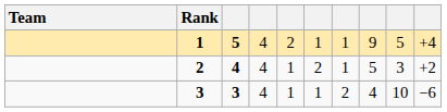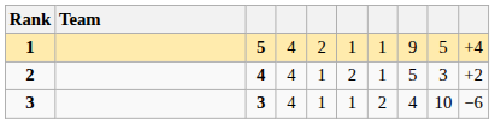 <table class="wikitable" style="text-align:center">
 <tr>
+<th width=30>Rank</th>
 <th width=165 style="text-align:left">Team</th>
-<th width=30>Rank</th>
 <th width=20></th>
 <th width=20></th>
 <th width=20></th>
 <th width=20></th>
 <th width=20></th>
 <th width=20></th>
 <th width=20></th>
 <th width=20></th>
 </tr>
 <tr bgcolor="#ffebad">
+<td><strong>1</strong></td>
 <td align="left"></td>
-<td><strong>1</strong></td>
 <td><strong>5</strong></td>
 <td>4</td>
 <td>2</td>
 <td>1</td>
 <td>1</td>
 <td>9</td>
 <td>5</td>
 <td>+4</td>
 </tr>
 <tr>
+<td><strong>2</strong></td>
 <td align="left"></td>
-<td><strong>2</strong></td>
 <td><strong>4</strong></td>
 <td>4</td>
 <td>1</td>
 <td>2</td>
 <td>1</td>
 <td>5</td>
 <td>3</td>
 <td>+2</td>
 </tr>
 <tr>
+<td><strong>3</strong></td>
 <td align="left"></td>
-<td><strong>3</strong></td>
 <td><strong>3</strong></td>
 <td>4</td>
 <td>1</td>
 <td>1</td>
 <td>2</td>
 <td>4</td>
 <td>10</td>
 <td>−6</td>
 </tr>
 </table>
